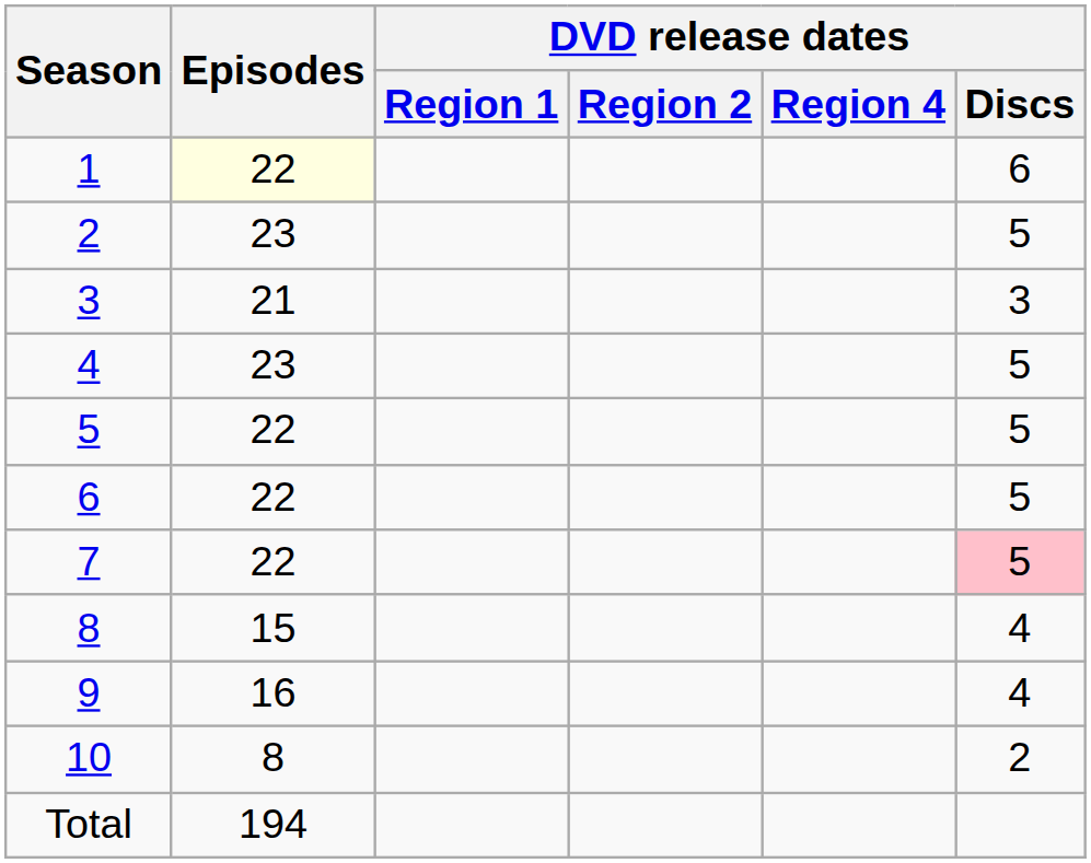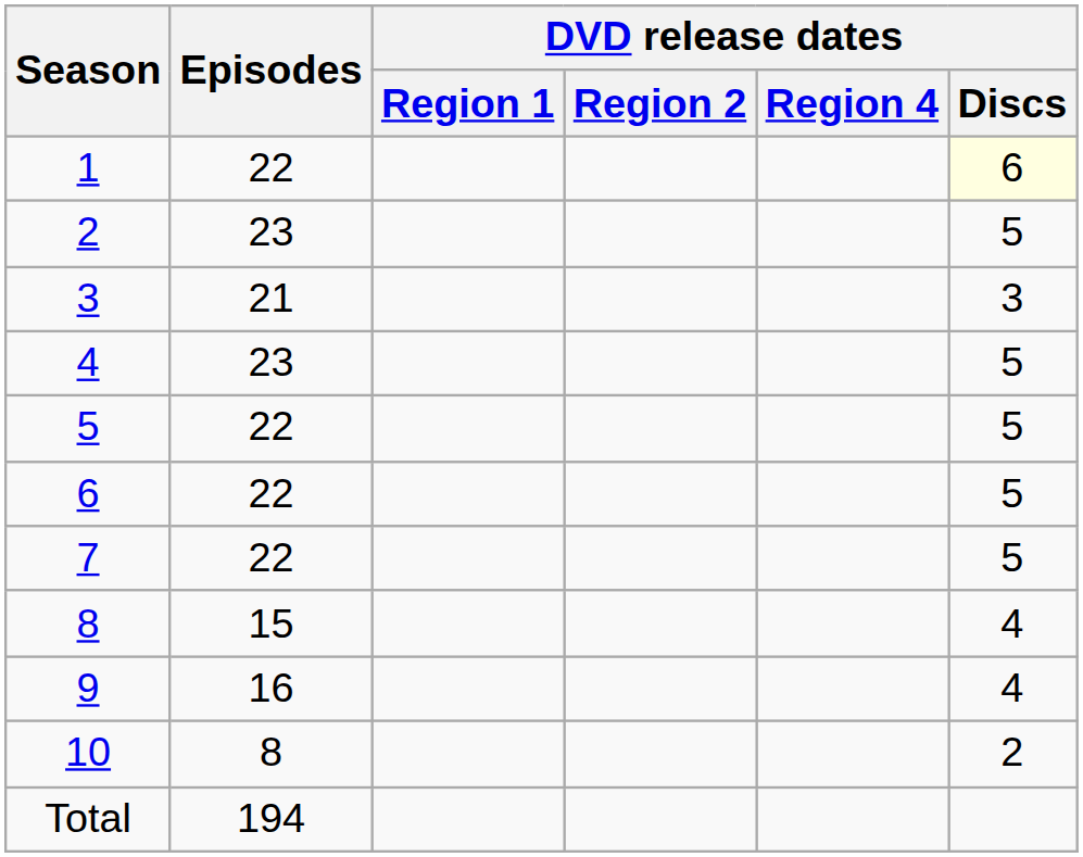 <table class="wikitable plainrowheaders" style="text-align: center;">
 <tr>
 <th scope="col" rowspan="2">Season</th>
 <th scope="col" rowspan="2">Episodes</th>
 <th scope="col" colspan="4"><a href='#'>DVD</a> release dates</th>
 </tr>
 <tr>
 <th scope="col"><a href='#'>Region 1</a></th>
 <th scope="col"><a href='#'>Region 2</a></th>
 <th scope="col"><a href='#'>Region 4</a></th>
 <th scope="col">Discs</th>
 </tr>
 <tr>
 <td scope="row"><a href='#'>1</a></td>
-<td style="background: lightyellow;">22</td>
+<td>22</td>
 <td></td>
 <td></td>
 <td></td>
-<td>6</td>
+<td style="background: lightyellow;">6</td>
 </tr>
 <tr>
 <td scope="row"><a href='#'>2</a></td>
 <td>23</td>
 <td></td>
 <td></td>
 <td></td>
 <td>5</td>
 </tr>
 <tr>
 <td scope="row"><a href='#'>3</a></td>
 <td>21</td>
 <td></td>
 <td></td>
 <td></td>
 <td>3</td>
 </tr>
 <tr>
 <td scope="row"><a href='#'>4</a></td>
 <td>23</td>
 <td></td>
 <td></td>
 <td></td>
 <td>5</td>
 </tr>
 <tr>
 <td scope="row"><a href='#'>5</a></td>
 <td>22</td>
 <td></td>
 <td></td>
 <td></td>
 <td>5</td>
 </tr>
 <tr>
 <td scope="row"><a href='#'>6</a></td>
 <td>22</td>
 <td></td>
 <td></td>
 <td></td>
 <td>5</td>
 </tr>
 <tr>
 <td scope="row"><a href='#'>7</a></td>
 <td>22</td>
 <td></td>
 <td></td>
 <td></td>
-<td style="background: pink;">5</td>
+<td>5</td>
 </tr>
 <tr>
 <td scope="row"><a href='#'>8</a></td>
 <td>15</td>
 <td></td>
 <td></td>
 <td></td>
 <td>4</td>
 </tr>
 <tr>
 <td scope="row"><a href='#'>9</a></td>
 <td>16</td>
 <td></td>
 <td></td>
 <td></td>
 <td>4</td>
 </tr>
 <tr>
 <td scope="row"><a href='#'>10</a></td>
 <td>8</td>
 <td></td>
 <td></td>
 <td></td>
 <td>2</td>
 </tr>
 <tr>
 <td scope="row">Total</td>
 <td>194</td>
 <td></td>
 <td></td>
 <td></td>
 <td></td>
 </tr>
 <tr>
 </tr>
 </table>
